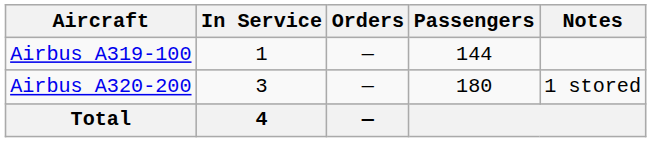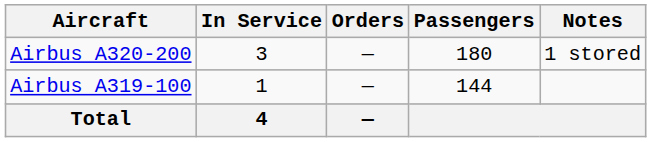 <table class="wikitable" style="border-collapse:collapse;text-align:center; margin-left: auto; margin-right: auto;">
 <tr>
 <th>Aircraft</th>
 <th>In Service</th>
 <th>Orders</th>
 <th>Passengers</th>
 <th>Notes</th>
 </tr>
 <tr>
+<td><a href='#'>Airbus A320-200</a></td>
+<td>3</td>
+<td>—</td>
+<td>180</td>
+<td>1 stored</td>
+</tr>
+<tr>
 <td><a href='#'>Airbus A319-100</a></td>
 <td>1</td>
 <td>—</td>
 <td>144</td>
 <td></td>
-</tr>
-<tr>
-<td><a href='#'>Airbus A320-200</a></td>
-<td>3</td>
-<td>—</td>
-<td>180</td>
-<td>1 stored</td>
 </tr>
 <tr>
 <th>Total</th>
 <th>4</th>
 <th>—</th>
 <th colspan="2"></th>
 </tr>
 </table>
